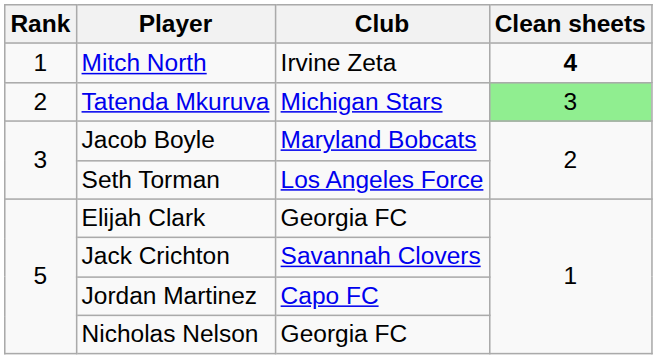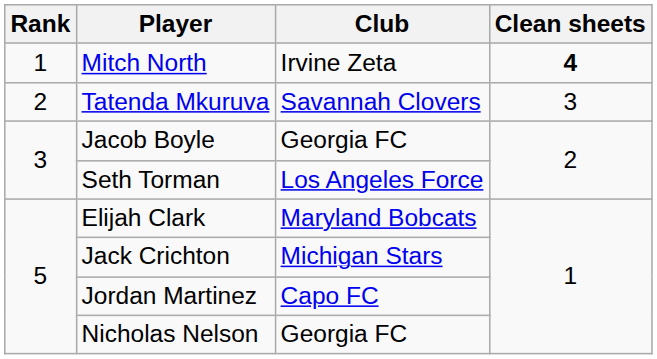 <table class="wikitable" style="text-align:center">
 <tr>
 <th>Rank</th>
 <th>Player</th>
 <th>Club</th>
 <th>Clean sheets</th>
 </tr>
 <tr>
 <td>1</td>
 <td align="left"> <a href='#'>Mitch North</a></td>
 <td align="left">Irvine Zeta</td>
 <td><strong>4</strong></td>
 </tr>
 <tr>
 <td>2</td>
 <td align="left"> <a href='#'>Tatenda Mkuruva</a></td>
-<td align="left"><a href='#'>Michigan Stars</a></td>
-<td style="background: lightgreen;">3</td>
+<td align="left"><a href='#'>Savannah Clovers</a></td>
+<td>3</td>
 </tr>
 <tr>
 <td rowspan=2>3</td>
 <td align="left"> Jacob Boyle</td>
-<td align="left"><a href='#'>Maryland Bobcats</a></td>
+<td align="left">Georgia FC</td>
 <td rowspan=2>2</td>
 </tr>
 <tr>
 <td align="left"> Seth Torman</td>
 <td align="left"><a href='#'>Los Angeles Force</a></td>
 </tr>
 <tr>
 <td rowspan=4>5</td>
 <td align="left"> Elijah Clark</td>
-<td align="left">Georgia FC</td>
+<td align="left"><a href='#'>Maryland Bobcats</a></td>
 <td rowspan=4>1</td>
 </tr>
 <tr>
 <td align="left"> Jack Crichton</td>
-<td align="left"><a href='#'>Savannah Clovers</a></td>
+<td align="left"><a href='#'>Michigan Stars</a></td>
 </tr>
 <tr>
 <td align="left"> Jordan Martinez</td>
 <td align="left"><a href='#'>Capo FC</a></td>
 </tr>
 <tr>
 <td align="left"> Nicholas Nelson</td>
 <td align="left">Georgia FC</td>
 </tr>
 </table>
